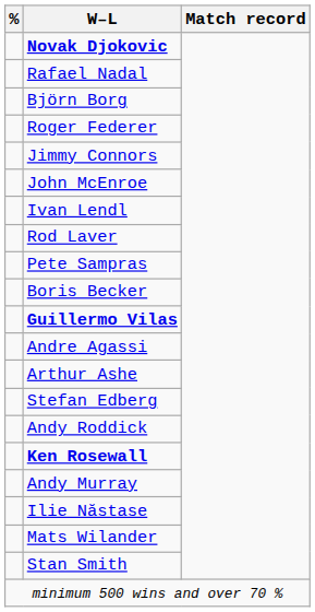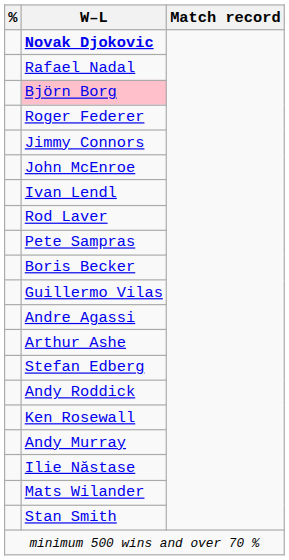 <table class="wikitable" style="display:inline-table;">
 <tr>
 <th>%</th>
 <th>W–L</th>
 <th>Match record<br></th>
 </tr>
 <tr>
 <td></td>
 <td> <strong><a href='#'>Novak Djokovic</a></strong></td>
 </tr>
 <tr>
 <td></td>
 <td> <a href='#'>Rafael Nadal</a></td>
 </tr>
 <tr>
 <td></td>
-<td> <a href='#'>Björn Borg</a></td>
+<td style="background: pink;"> <a href='#'>Björn Borg</a></td>
 </tr>
 <tr>
 <td></td>
 <td> <a href='#'>Roger Federer</a></td>
 </tr>
 <tr>
 <td></td>
 <td> <a href='#'>Jimmy Connors</a></td>
 </tr>
 <tr>
 <td></td>
 <td> <a href='#'>John McEnroe</a></td>
 </tr>
 <tr>
 <td></td>
 <td> <a href='#'>Ivan Lendl</a></td>
 </tr>
 <tr>
 <td></td>
 <td> <a href='#'>Rod Laver</a></td>
 </tr>
 <tr>
 <td></td>
 <td> <a href='#'>Pete Sampras</a></td>
 </tr>
 <tr>
 <td></td>
 <td> <a href='#'>Boris Becker</a></td>
 </tr>
 <tr>
 <td></td>
-<td><strong> <a href='#'>Guillermo Vilas</a></strong></td>
+<td> <a href='#'>Guillermo Vilas</a></td>
 </tr>
 <tr>
 <td></td>
 <td> <a href='#'>Andre Agassi</a></td>
 </tr>
 <tr>
 <td></td>
 <td> <a href='#'>Arthur Ashe</a></td>
 </tr>
 <tr>
 <td></td>
 <td> <a href='#'>Stefan Edberg</a></td>
 </tr>
 <tr>
 <td></td>
 <td> <a href='#'>Andy Roddick</a></td>
 </tr>
 <tr>
 <td></td>
-<td><strong> <a href='#'>Ken Rosewall</a></strong></td>
+<td> <a href='#'>Ken Rosewall</a></td>
 </tr>
 <tr>
 <td></td>
 <td> <a href='#'>Andy Murray</a></td>
 </tr>
 <tr>
 <td></td>
 <td> <a href='#'>Ilie Năstase</a></td>
 </tr>
 <tr>
 <td></td>
 <td> <a href='#'>Mats Wilander</a></td>
 </tr>
 <tr>
 <td></td>
 <td> <a href='#'>Stan Smith</a></td>
 </tr>
 <tr>
 <td colspan="3" style="text-align: center;"><small><em>minimum 500 wins and over 70 %</em></small></td>
 </tr>
 </table>
